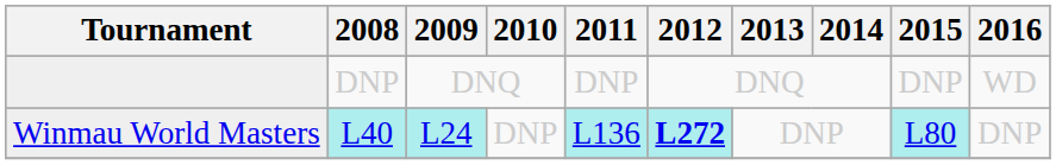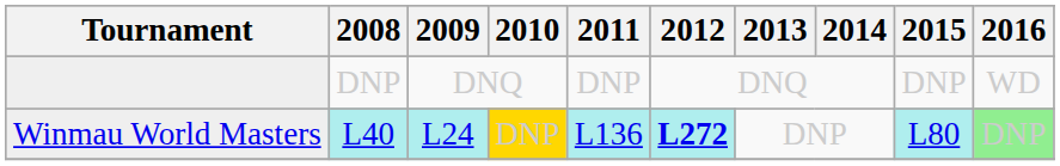 <table class="wikitable">
 <tr>
 <th>Tournament</th>
 <th>2008</th>
 <th>2009</th>
 <th>2010</th>
 <th>2011</th>
 <th>2012</th>
 <th>2013</th>
 <th>2014</th>
 <th>2015</th>
 <th>2016</th>
 </tr>
 <tr>
 <td style="background:#efefef;"></td>
 <td style="text-align:center; color:#ccc;">DNP</td>
 <td colspan="2" style="text-align:center; color:#ccc;">DNQ</td>
 <td style="text-align:center; color:#ccc;">DNP</td>
 <td colspan="3" style="text-align:center; color:#ccc;">DNQ</td>
 <td style="text-align:center; color:#ccc;">DNP</td>
 <td style="text-align:center; color:#ccc;">WD</td>
 </tr>
 <tr>
 <td style="background:#efefef;"><a href='#'>Winmau World Masters</a></td>
 <td style="text-align:center; background:#afeeee;"><a href='#'>L40</a></td>
 <td style="text-align:center; background:#afeeee;"><a href='#'>L24</a></td>
-<td style="text-align:center; color:#ccc;">DNP</td>
+<td style="background: gold; text-align:center; color:#ccc;">DNP</td>
 <td style="text-align:center; background:#afeeee;"><a href='#'>L136</a></td>
 <td style="text-align:center; background:#afeeee;"><strong><a href='#'>L272</a></strong></td>
 <td colspan="2" style="text-align:center; color:#ccc;">DNP</td>
 <td style="text-align:center; background:#afeeee;"><a href='#'>L80</a></td>
-<td style="text-align:center; color:#ccc;">DNP</td>
+<td style="background: lightgreen; text-align:center; color:#ccc;">DNP</td>
 </tr>
 <tr>
 </tr>
 </table>
